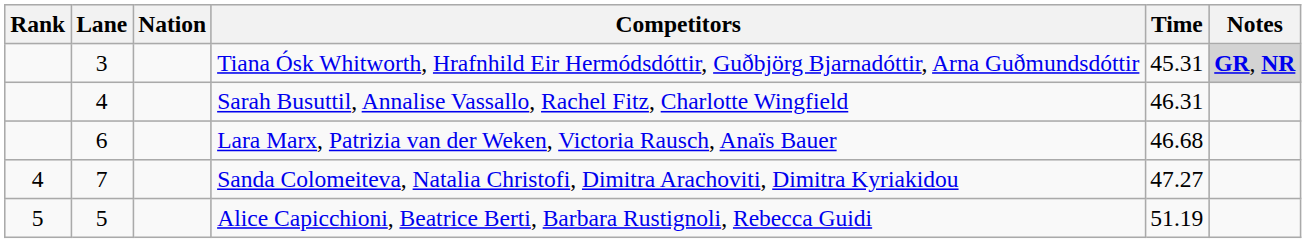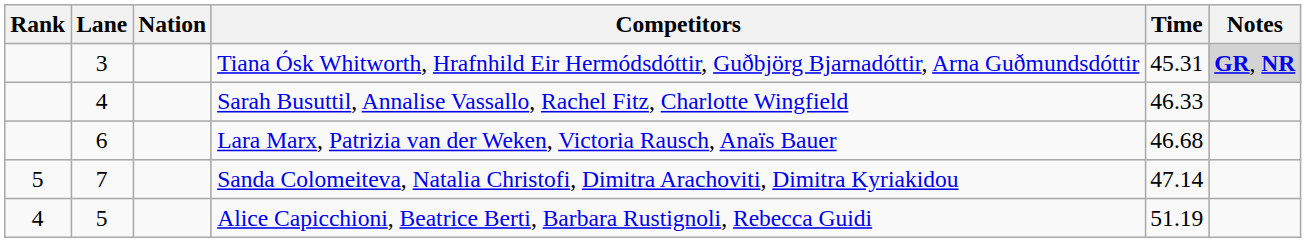 <table class="wikitable sortable" style="text-align:center; font-size:95%">
 <tr>
 <th>Rank</th>
 <th>Lane</th>
 <th>Nation</th>
 <th>Competitors</th>
 <th>Time</th>
 <th>Notes</th>
 </tr>
 <tr>
 <td></td>
 <td>3</td>
 <td align=left></td>
 <td align=left><a href='#'>Tiana Ósk Whitworth</a>, <a href='#'>Hrafnhild Eir Hermódsdóttir</a>, <a href='#'>Guðbjörg Bjarnadóttir</a>, <a href='#'>Arna Guðmundsdóttir</a></td>
 <td>45.31</td>
 <td style="background: lightgrey;"><strong><a href='#'>GR</a></strong>, <strong><a href='#'>NR</a></strong></td>
 </tr>
 <tr>
 <td></td>
 <td>4</td>
 <td align=left></td>
 <td align=left><a href='#'>Sarah Busuttil</a>, <a href='#'>Annalise Vassallo</a>, <a href='#'>Rachel Fitz</a>, <a href='#'>Charlotte Wingfield</a></td>
-<td>46.31</td>
+<td>46.33</td>
 <td></td>
 </tr>
 <tr>
 <td></td>
 <td>6</td>
 <td align=left></td>
 <td align=left><a href='#'>Lara Marx</a>, <a href='#'>Patrizia van der Weken</a>, <a href='#'>Victoria Rausch</a>, <a href='#'>Anaïs Bauer</a></td>
 <td>46.68</td>
 <td></td>
 </tr>
 <tr>
-<td>4</td>
+<td>5</td>
 <td>7</td>
 <td align=left></td>
 <td align=left><a href='#'>Sanda Colomeiteva</a>, <a href='#'>Natalia Christofi</a>, <a href='#'>Dimitra Arachoviti</a>, <a href='#'>Dimitra Kyriakidou</a></td>
-<td>47.27</td>
+<td>47.14</td>
 <td></td>
 </tr>
 <tr>
-<td>5</td>
+<td>4</td>
 <td>5</td>
 <td align=left></td>
 <td align=left><a href='#'>Alice Capicchioni</a>, <a href='#'>Beatrice Berti</a>, <a href='#'>Barbara Rustignoli</a>, <a href='#'>Rebecca Guidi</a></td>
 <td>51.19</td>
 <td></td>
 </tr>
 </table>
